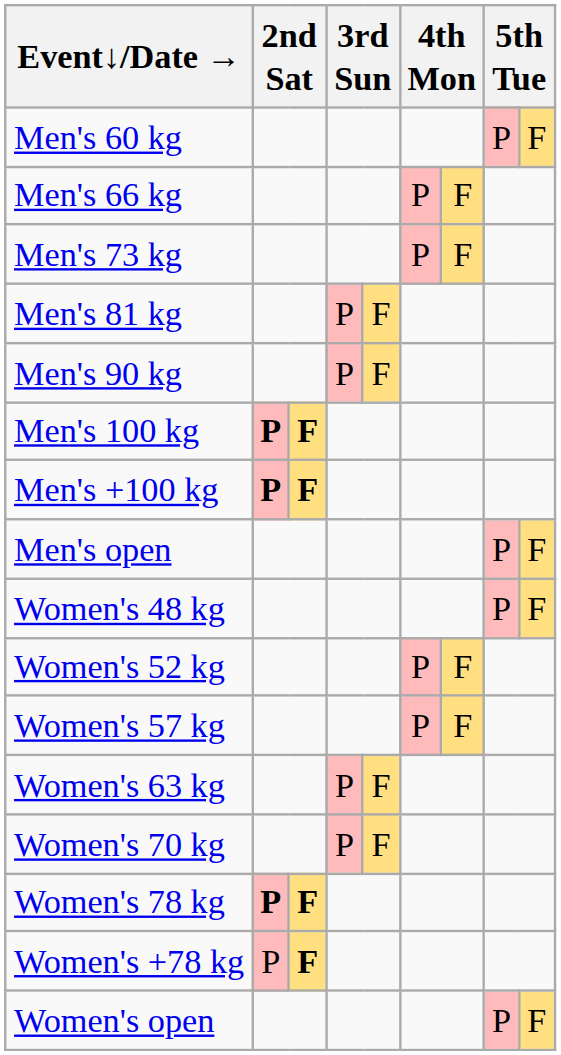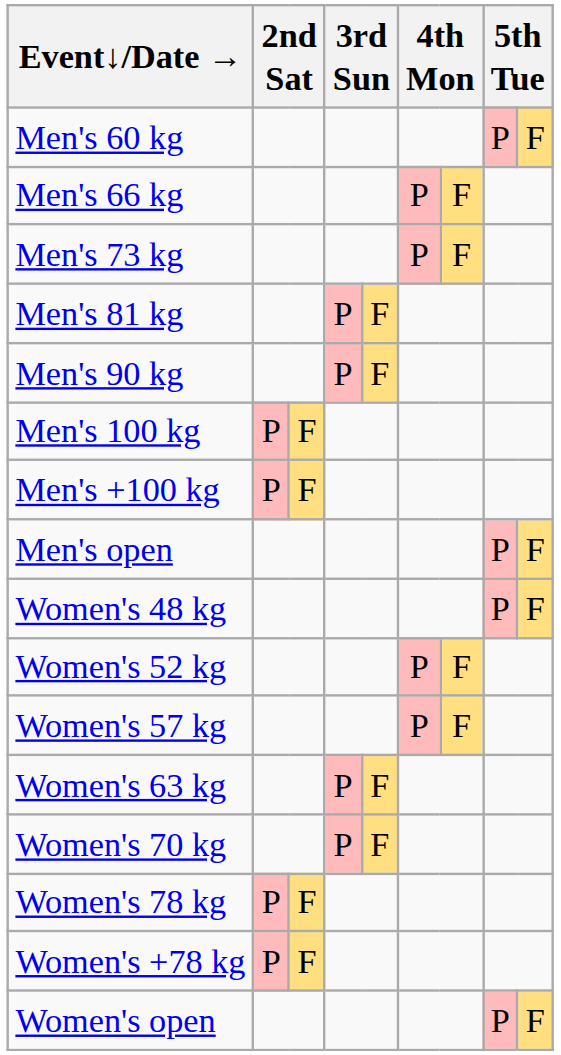 <table class="wikitable" style="margin:0.5em auto; font-size:90%; line-height:1.25em; text-align:center;">
 <tr>
 <th>Event↓/Date →</th>
 <th colspan=2>2nd<br>Sat</th>
 <th colspan=2>3rd<br>Sun</th>
 <th colspan=2>4th<br>Mon</th>
 <th colspan=2>5th<br>Tue</th>
 </tr>
 <tr>
 <td align="left"><a href='#'>Men's 60 kg</a></td>
 <td colspan=2></td>
 <td colspan=2></td>
 <td colspan=2></td>
 <td bgcolor="#FFBBBB">P</td>
 <td bgcolor="#FFDF80">F</td>
 </tr>
 <tr>
 <td align="left"><a href='#'>Men's 66 kg</a></td>
 <td colspan=2></td>
 <td colspan=2></td>
 <td bgcolor="#FFBBBB">P</td>
 <td bgcolor="#FFDF80">F</td>
 <td colspan=2></td>
 </tr>
 <tr>
 <td align="left"><a href='#'>Men's 73 kg</a></td>
 <td colspan=2></td>
 <td colspan=2></td>
 <td bgcolor="#FFBBBB">P</td>
 <td bgcolor="#FFDF80">F</td>
 <td colspan=2></td>
 </tr>
 <tr>
 <td align="left"><a href='#'>Men's 81 kg</a></td>
 <td colspan=2></td>
 <td bgcolor="#FFBBBB">P</td>
 <td bgcolor="#FFDF80">F</td>
 <td colspan=2></td>
 <td colspan=2></td>
 </tr>
 <tr>
 <td align="left"><a href='#'>Men's 90 kg</a></td>
 <td colspan=2></td>
 <td bgcolor="#FFBBBB">P</td>
 <td bgcolor="#FFDF80">F</td>
 <td colspan=2></td>
 <td colspan=2></td>
 </tr>
 <tr>
 <td align="left"><a href='#'>Men's 100 kg</a></td>
-<td bgcolor="#FFBBBB"><strong>P</strong></td>
-<td bgcolor="#FFDF80"><strong>F</strong></td>
+<td bgcolor="#FFBBBB">P</td>
+<td bgcolor="#FFDF80">F</td>
 <td colspan=2></td>
 <td colspan=2></td>
 <td colspan=2></td>
 </tr>
 <tr>
 <td align="left"><a href='#'>Men's +100 kg</a></td>
-<td bgcolor="#FFBBBB"><strong>P</strong></td>
-<td bgcolor="#FFDF80"><strong>F</strong></td>
+<td bgcolor="#FFBBBB">P</td>
+<td bgcolor="#FFDF80">F</td>
 <td colspan=2></td>
 <td colspan=2></td>
 <td colspan=2></td>
 </tr>
 <tr>
 <td align="left"><a href='#'>Men's open</a></td>
 <td colspan=2></td>
 <td colspan=2></td>
 <td colspan=2></td>
 <td bgcolor="#FFBBBB">P</td>
 <td bgcolor="#FFDF80">F</td>
 </tr>
 <tr>
 <td align="left"><a href='#'>Women's 48 kg</a></td>
 <td colspan=2></td>
 <td colspan=2></td>
 <td colspan=2></td>
 <td bgcolor="#FFBBBB">P</td>
 <td bgcolor="#FFDF80">F</td>
 </tr>
 <tr>
 <td align="left"><a href='#'>Women's 52 kg</a></td>
 <td colspan=2></td>
 <td colspan=2></td>
 <td bgcolor="#FFBBBB">P</td>
 <td bgcolor="#FFDF80">F</td>
 <td colspan=2></td>
 </tr>
 <tr>
 <td align="left"><a href='#'>Women's 57 kg</a></td>
 <td colspan=2></td>
 <td colspan=2></td>
 <td bgcolor="#FFBBBB">P</td>
 <td bgcolor="#FFDF80">F</td>
 <td colspan=2></td>
 </tr>
 <tr>
 <td align="left"><a href='#'>Women's 63 kg</a></td>
 <td colspan=2></td>
 <td bgcolor="#FFBBBB">P</td>
 <td bgcolor="#FFDF80">F</td>
 <td colspan=2></td>
 <td colspan=2></td>
 </tr>
 <tr>
 <td align="left"><a href='#'>Women's 70 kg</a></td>
 <td colspan=2></td>
 <td bgcolor="#FFBBBB">P</td>
 <td bgcolor="#FFDF80">F</td>
 <td colspan=2></td>
 <td colspan=2></td>
 </tr>
 <tr>
 <td align="left"><a href='#'>Women's 78 kg</a></td>
-<td bgcolor="#FFBBBB"><strong>P</strong></td>
-<td bgcolor="#FFDF80"><strong>F</strong></td>
+<td bgcolor="#FFBBBB">P</td>
+<td bgcolor="#FFDF80">F</td>
 <td colspan=2></td>
 <td colspan=2></td>
 <td colspan=2></td>
 </tr>
 <tr>
 <td align="left"><a href='#'>Women's +78 kg</a></td>
 <td bgcolor="#FFBBBB">P</td>
-<td bgcolor="#FFDF80"><strong>F</strong></td>
+<td bgcolor="#FFDF80">F</td>
 <td colspan=2></td>
 <td colspan=2></td>
 <td colspan=2></td>
 </tr>
 <tr>
 <td align="left"><a href='#'>Women's open</a></td>
 <td colspan=2></td>
 <td colspan=2></td>
 <td colspan=2></td>
 <td bgcolor="#FFBBBB">P</td>
 <td bgcolor="#FFDF80">F</td>
 </tr>
 </table>
